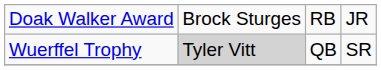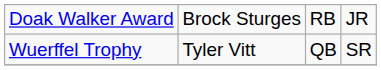 <table class="wikitable">
 <tr>
 <td><a href='#'>Doak Walker Award</a></td>
 <td>Brock Sturges</td>
 <td>RB</td>
 <td>JR</td>
 </tr>
 <tr>
 <td><a href='#'>Wuerffel Trophy</a></td>
-<td style="background: lightgrey;">Tyler Vitt</td>
+<td>Tyler Vitt</td>
 <td>QB</td>
 <td>SR</td>
 </tr>
 <tr>
 </tr>
 </table>
